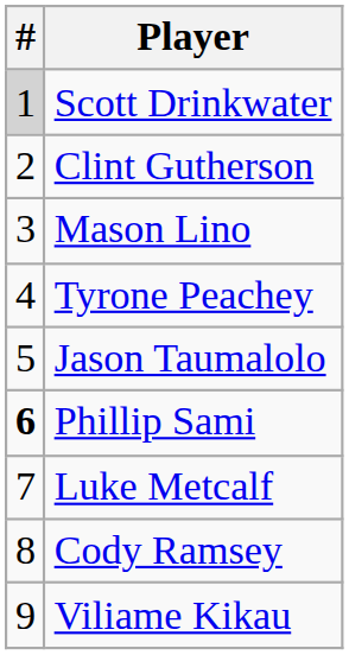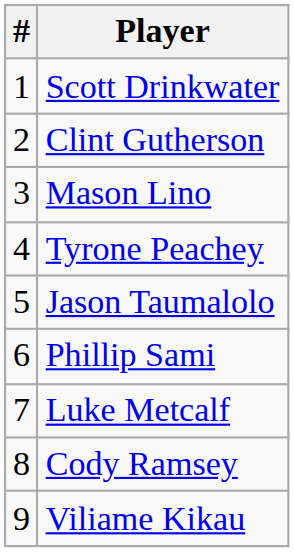 <table class="wikitable">
 <tr>
 <th>#</th>
 <th>Player</th>
 </tr>
 <tr>
-<td style="background: lightgrey;">1</td>
+<td>1</td>
 <td> <a href='#'>Scott Drinkwater</a></td>
 </tr>
 <tr>
 <td>2</td>
 <td> <a href='#'>Clint Gutherson</a></td>
 </tr>
 <tr>
 <td>3</td>
 <td> <a href='#'>Mason Lino</a></td>
 </tr>
 <tr>
 <td>4</td>
 <td> <a href='#'>Tyrone Peachey</a></td>
 </tr>
 <tr>
 <td>5</td>
 <td> <a href='#'>Jason Taumalolo</a></td>
 </tr>
 <tr>
-<td><strong>6</strong></td>
+<td>6</td>
 <td> <a href='#'>Phillip Sami</a></td>
 </tr>
 <tr>
 <td>7</td>
 <td> <a href='#'>Luke Metcalf</a></td>
 </tr>
 <tr>
 <td>8</td>
 <td> <a href='#'>Cody Ramsey</a></td>
 </tr>
 <tr>
 <td>9</td>
 <td> <a href='#'>Viliame Kikau</a></td>
 </tr>
 </table>
